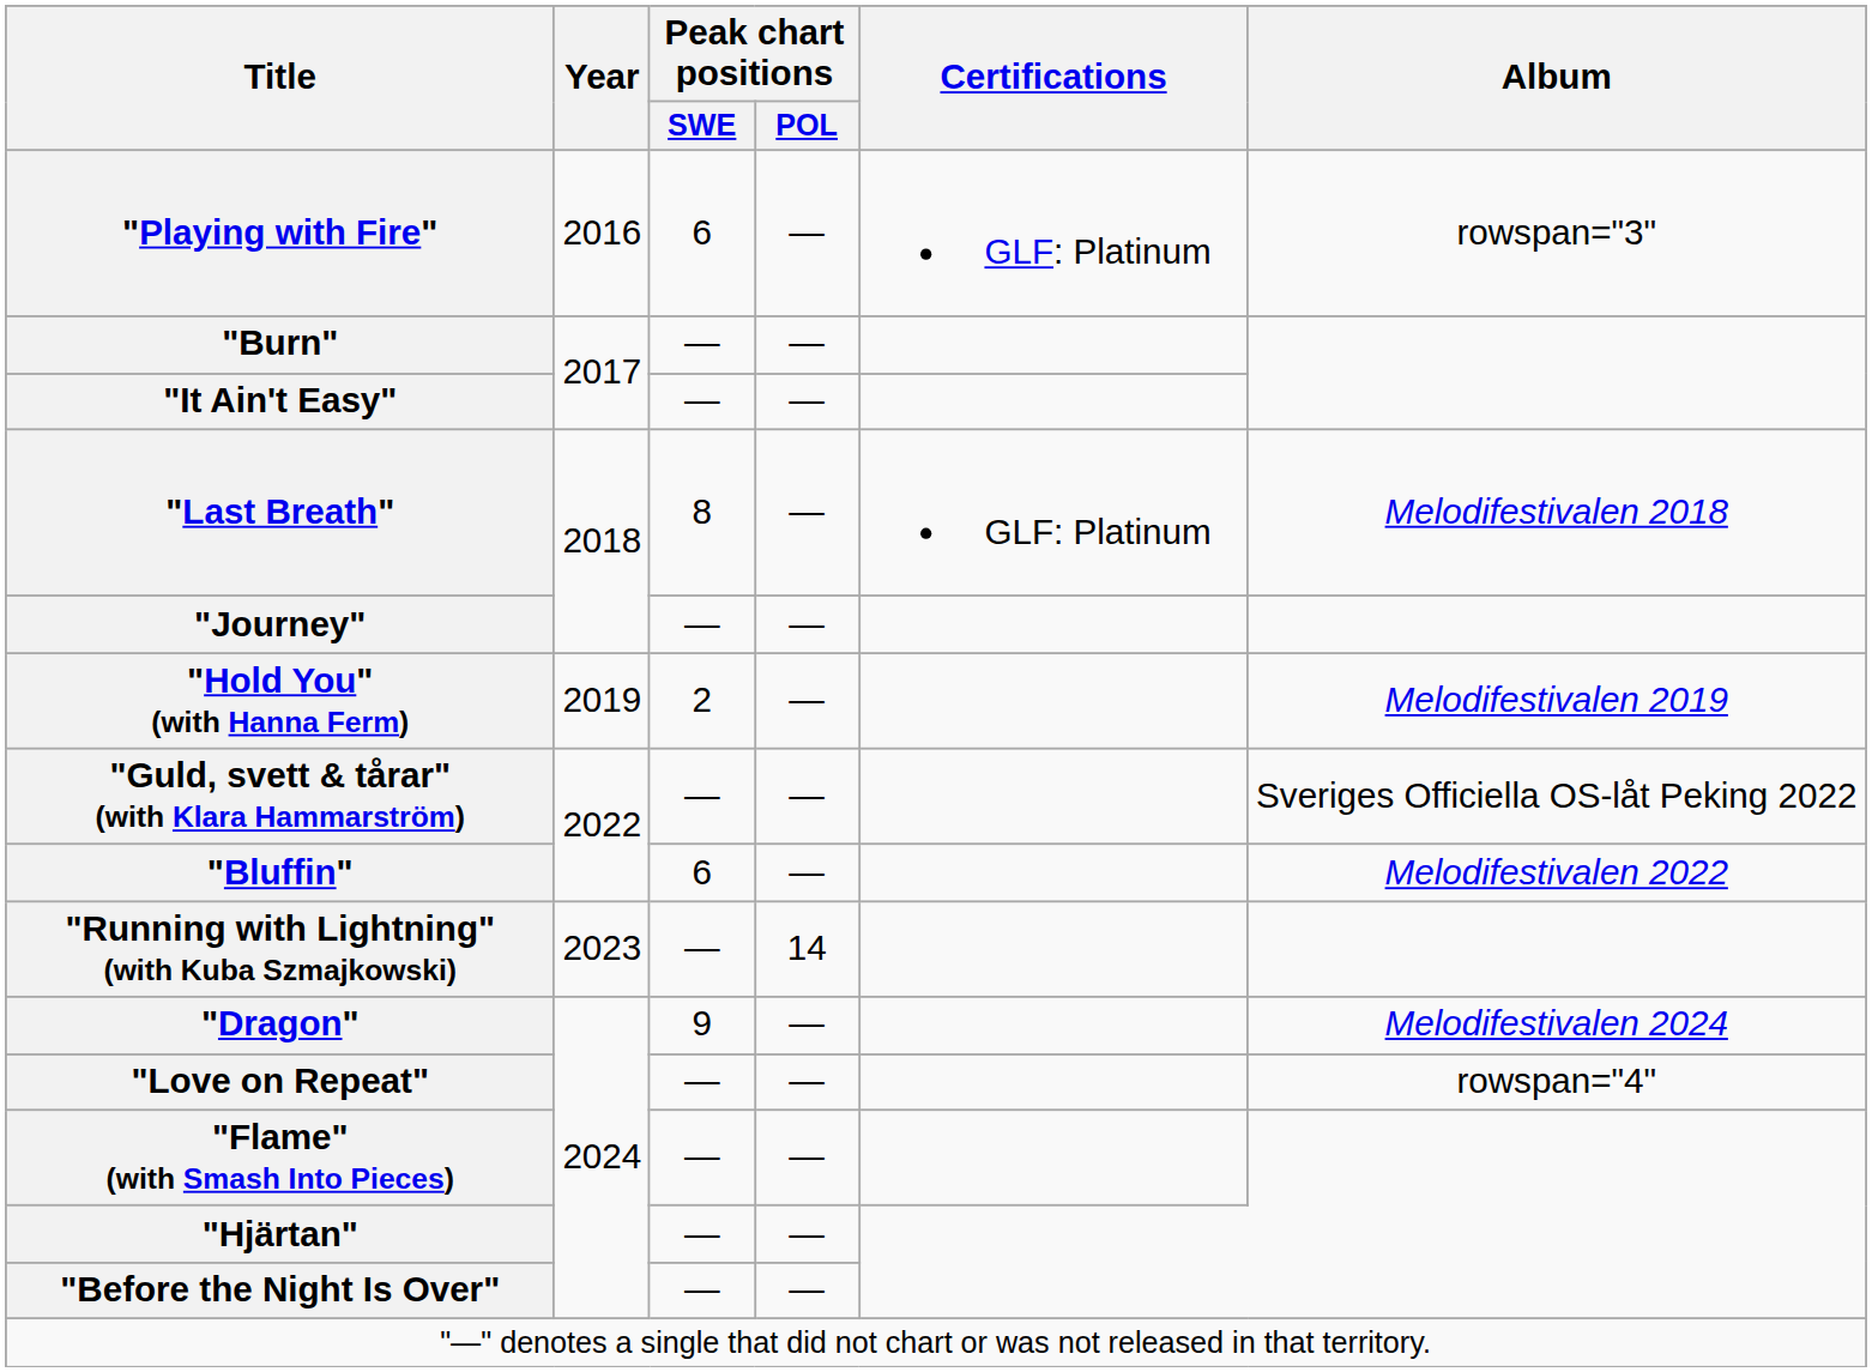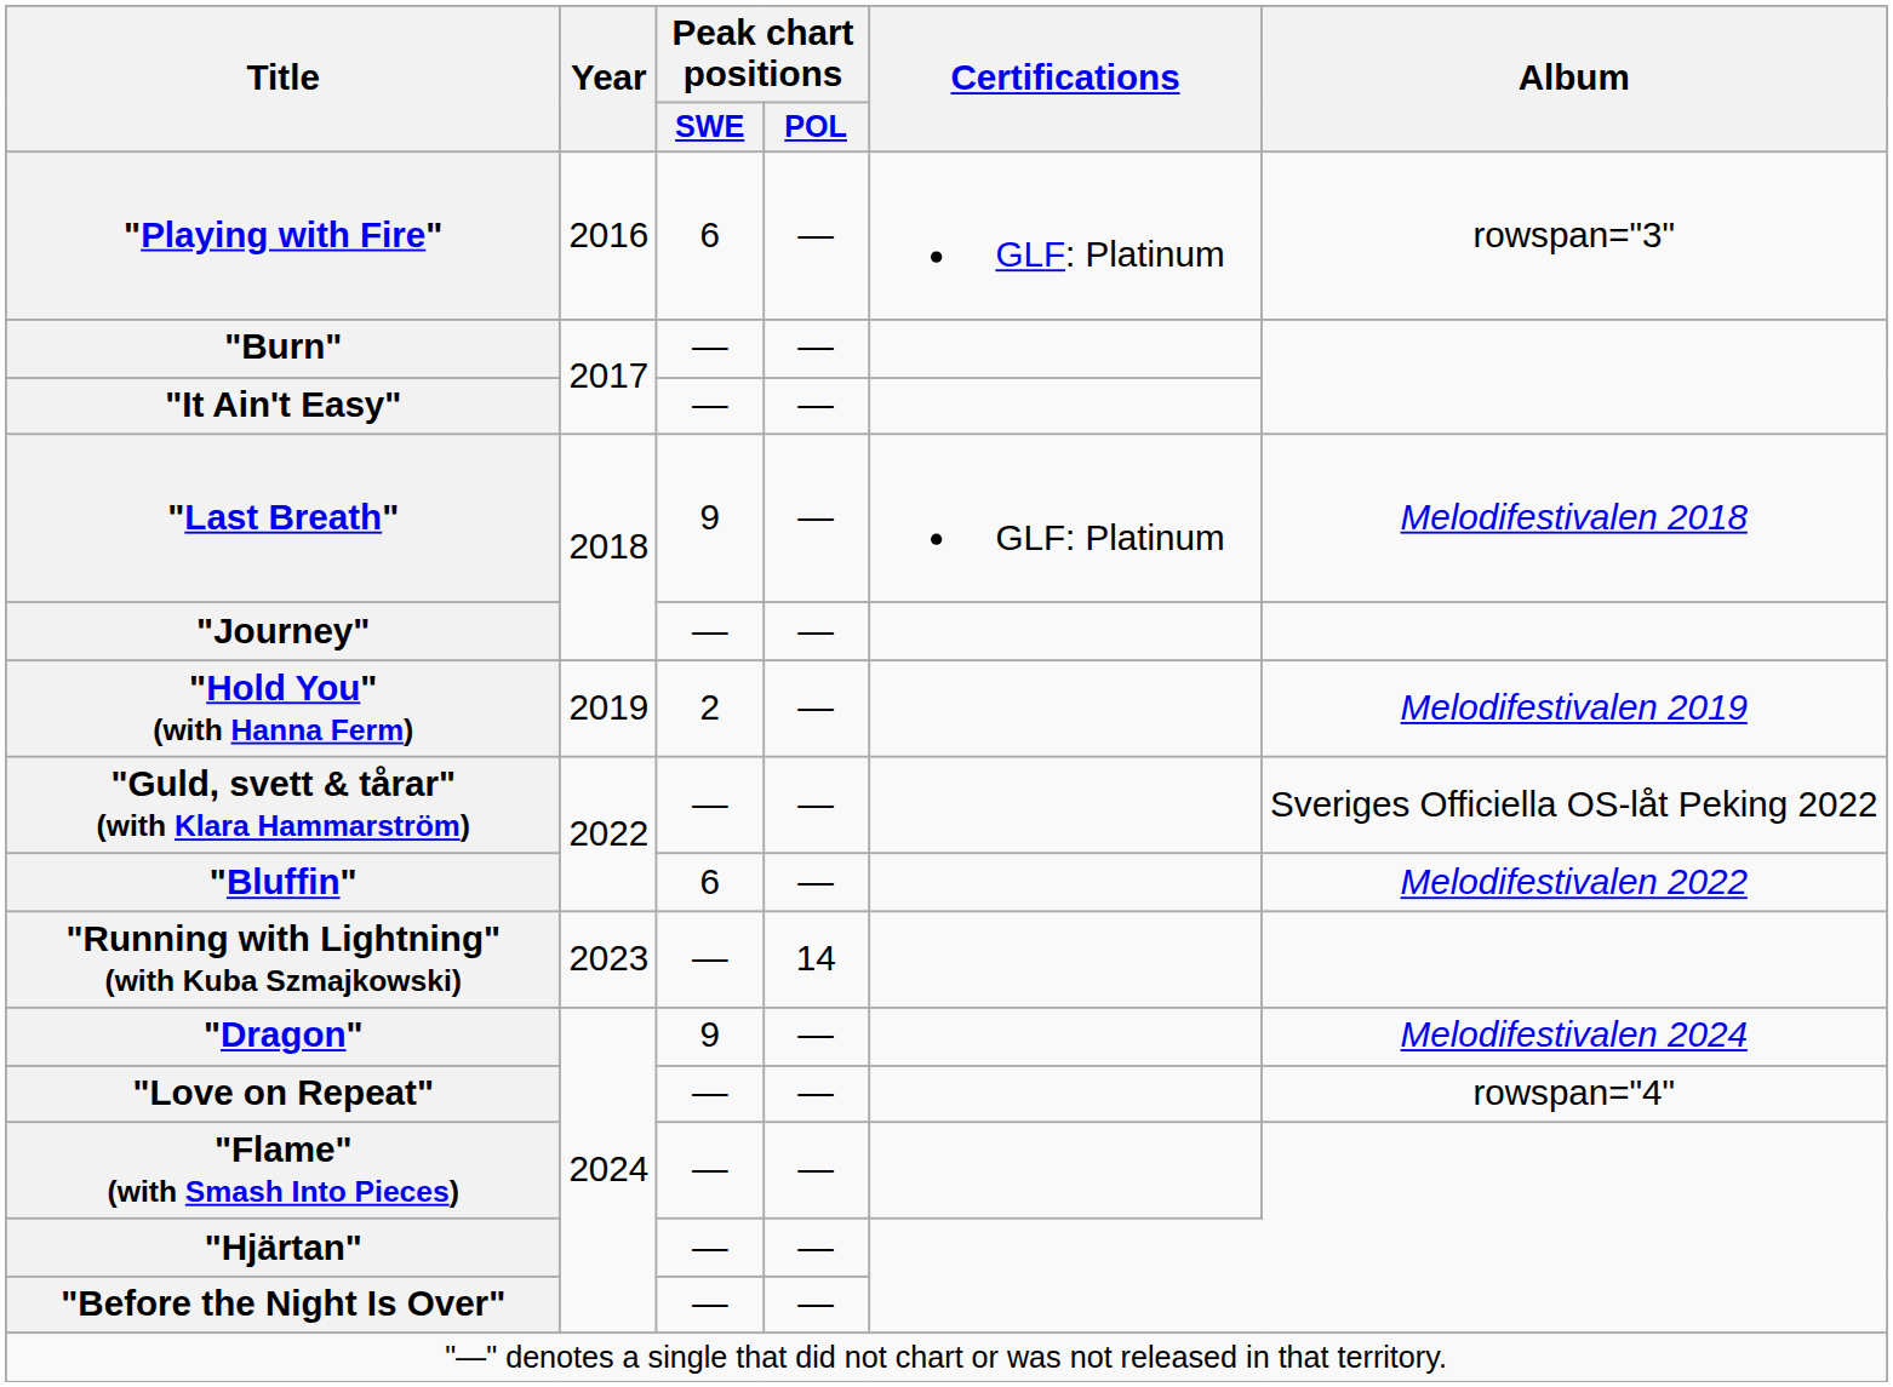 <table class="wikitable plainrowheaders" style="text-align:center;">
 <tr>
 <th scope="col" rowspan="2" style="width:15em;">Title</th>
 <th scope="col" rowspan="2" style="width:1em;">Year</th>
 <th scope="col" colspan="2">Peak chart positions</th>
 <th scope="col" rowspan="2" style="width:10.5em;"><a href='#'>Certifications</a></th>
 <th scope="col" rowspan="2">Album</th>
 </tr>
 <tr>
 <th style="width:3em;font-size:85%;"><a href='#'>SWE</a><br></th>
 <th scope="col" style="width:3em;font-size:85%;"><a href='#'>POL</a><br></th>
 </tr>
 <tr>
 <th scope="row">"<a href='#'>Playing with Fire</a>"</th>
 <td>2016</td>
 <td>6</td>
 <td>—</td>
 <td><br><ul><li><a href='#'>GLF</a>: Platinum</li></ul></td>
 <td>rowspan="3" </td>
 </tr>
 <tr>
 <th scope="row">"Burn"</th>
 <td rowspan="2">2017</td>
 <td>—</td>
 <td>—</td>
 <td></td>
 </tr>
 <tr>
 <th scope="row">"It Ain't Easy"</th>
 <td>—</td>
 <td>—</td>
 <td></td>
 </tr>
 <tr>
 <th scope="row">"<a href='#'>Last Breath</a>"</th>
 <td rowspan="2">2018</td>
-<td>8<br></td>
+<td>9</td>
 <td>—</td>
 <td><br><ul><li>GLF: Platinum</li></ul></td>
 <td><em><a href='#'>Melodifestivalen 2018</a></em></td>
 </tr>
 <tr>
 <th scope="row">"Journey"</th>
 <td>—</td>
 <td>—</td>
 <td></td>
 <td></td>
 </tr>
 <tr>
 <th scope="row">"<a href='#'>Hold You</a>"<br><small>(with <a href='#'>Hanna Ferm</a>)</small></th>
 <td>2019</td>
 <td>2<br></td>
 <td>—</td>
 <td></td>
 <td><em><a href='#'>Melodifestivalen 2019</a></em></td>
 </tr>
 <tr>
 <th scope="row">"Guld, svett & tårar" <br> <small>(with <a href='#'>Klara Hammarström</a>)</small></th>
 <td rowspan="2">2022</td>
 <td>—</td>
 <td>—</td>
 <td></td>
 <td>Sveriges Officiella OS-låt Peking 2022</td>
 </tr>
 <tr>
 <th scope="row">"<a href='#'>Bluffin</a>"</th>
 <td>6</td>
 <td>—</td>
 <td></td>
 <td><em><a href='#'>Melodifestivalen 2022</a></em></td>
 </tr>
 <tr>
 <th scope="row">"Running with Lightning" <br> <small>(with Kuba Szmajkowski)</small></th>
 <td rowspan="1">2023</td>
 <td>—</td>
 <td>14</td>
 <td></td>
 <td></td>
 </tr>
 <tr>
 <th scope="row">"<a href='#'>Dragon</a>"</th>
 <td rowspan="5">2024</td>
 <td>9</td>
 <td>—</td>
 <td></td>
 <td><em><a href='#'>Melodifestivalen 2024</a></em></td>
 </tr>
 <tr>
 <th scope="row">"Love on Repeat"</th>
 <td>—</td>
 <td>—</td>
 <td></td>
 <td>rowspan="4" </td>
 </tr>
 <tr>
 <th scope="row">"Flame" <br> <small>(with <a href='#'>Smash Into Pieces</a>)</small></th>
 <td>—</td>
 <td>—</td>
 <td></td>
 </tr>
 <tr>
 <th scope="row">"Hjärtan"</th>
 <td>—</td>
 <td>—</td>
 </tr>
 <tr>
 <th scope="row">"Before the Night Is Over"</th>
 <td>—</td>
 <td>—</td>
 </tr>
 <tr>
 <td colspan="6" style="font-size:85%">"—" denotes a single that did not chart or was not released in that territory.</td>
 </tr>
 </table>
